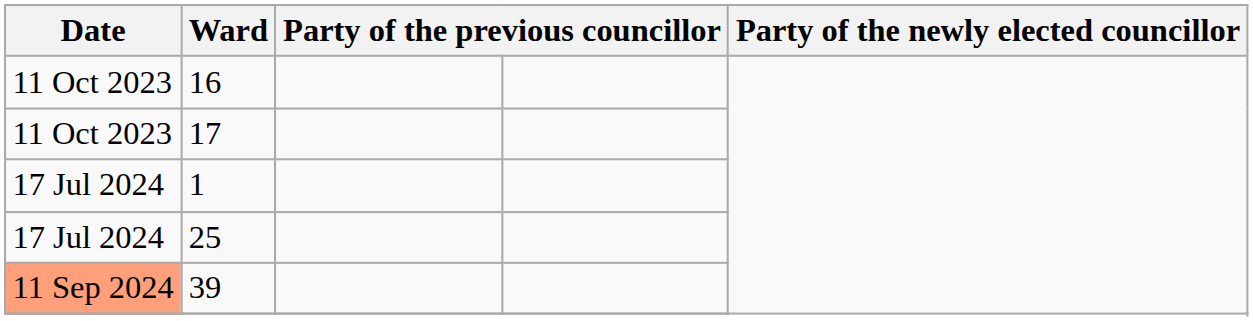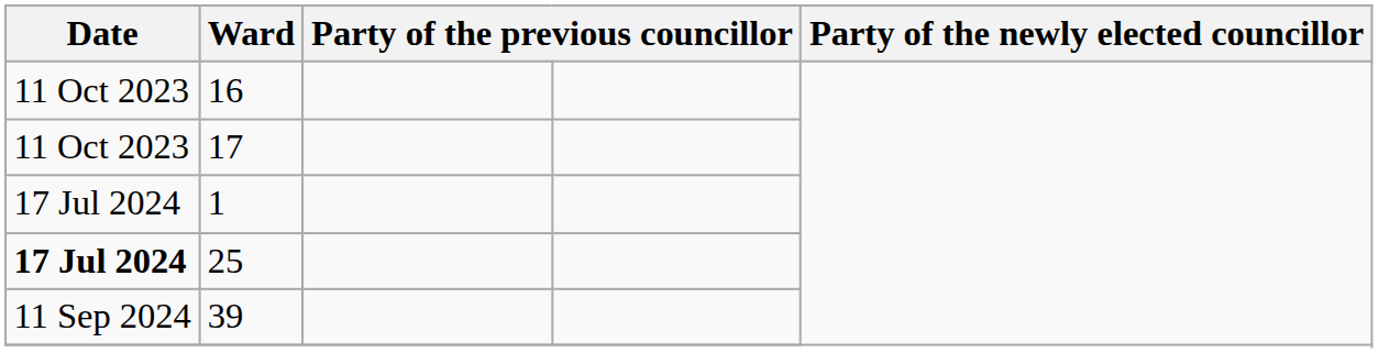 <table class="wikitable">
 <tr>
 <th>Date</th>
 <th>Ward</th>
 <th colspan=2>Party of the previous councillor</th>
 <th colspan=2>Party of the newly elected councillor</th>
 </tr>
 <tr>
 <td>11 Oct 2023</td>
 <td>16</td>
 <td></td>
 <td></td>
 </tr>
 <tr>
 <td>11 Oct 2023</td>
 <td>17</td>
 <td></td>
 <td></td>
 </tr>
 <tr>
 <td>17 Jul 2024</td>
 <td>1</td>
 <td></td>
 <td></td>
 </tr>
 <tr>
-<td>17 Jul 2024</td>
+<td><strong>17 Jul 2024</strong></td>
 <td>25</td>
 <td></td>
 <td></td>
 </tr>
 <tr>
-<td style="background: lightsalmon;">11 Sep 2024</td>
+<td>11 Sep 2024</td>
 <td>39</td>
 <td></td>
 <td></td>
 </tr>
 <tr>
 </tr>
 </table>
